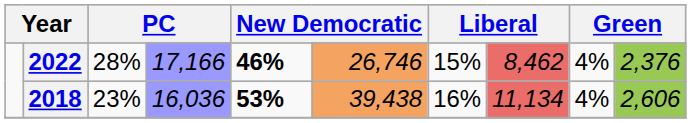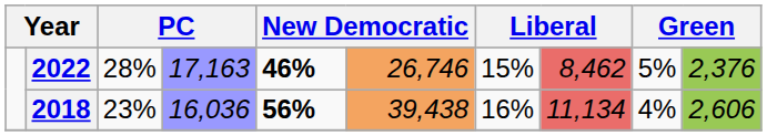 <table class="wikitable" style="width:400; font-size:90%; margin-left:1em;">
 <tr>
 <th colspan="2" scope="col">Year</th>
 <th colspan="2" scope="col"><a href='#'>PC</a></th>
 <th colspan="2" scope="col"><a href='#'>New Democratic</a></th>
 <th colspan="2" scope="col"><a href='#'>Liberal</a></th>
 <th colspan="2" scope="col"><a href='#'>Green</a></th>
 </tr>
 <tr>
 <td rowspan="2" style="width: 0.25em; background-color: "></td>
 <th><a href='#'>2022</a></th>
 <td>28%</td>
-<td style="text-align:right; background:#9999FF;"><em>17,166</em></td>
+<td style="text-align:right; background:#9999FF;"><em>17,163</em></td>
 <td><strong>46%</strong></td>
 <td style="text-align:right; background:#F4A460;"><em>26,746</em></td>
 <td>15%</td>
 <td style="text-align:right; background:#EA6D6A;"><em>8,462</em></td>
-<td>4%</td>
+<td>5%</td>
 <td style="text-align:right; background:#99C955;"><em>2,376</em></td>
 </tr>
 <tr>
 <th><a href='#'>2018</a></th>
 <td>23%</td>
 <td style="text-align:right; background:#9999FF;"><em>16,036</em></td>
-<td><strong>53%</strong></td>
+<td><strong>56%</strong></td>
 <td style="text-align:right; background:#F4A460;"><em>39,438</em></td>
 <td>16%</td>
 <td style="text-align:right; background:#EA6D6A;"><em>11,134</em></td>
 <td>4%</td>
 <td style="text-align:right; background:#99C955;"><em>2,606</em></td>
 </tr>
 <tr>
 </tr>
 </table>
